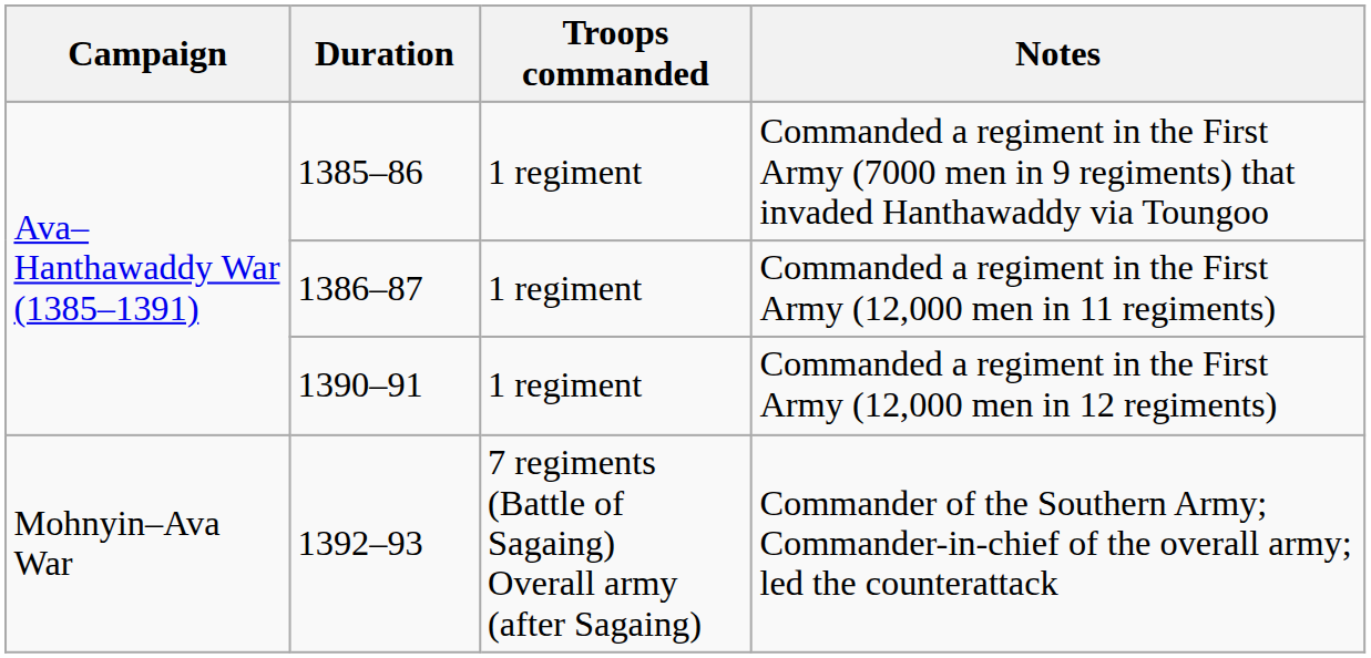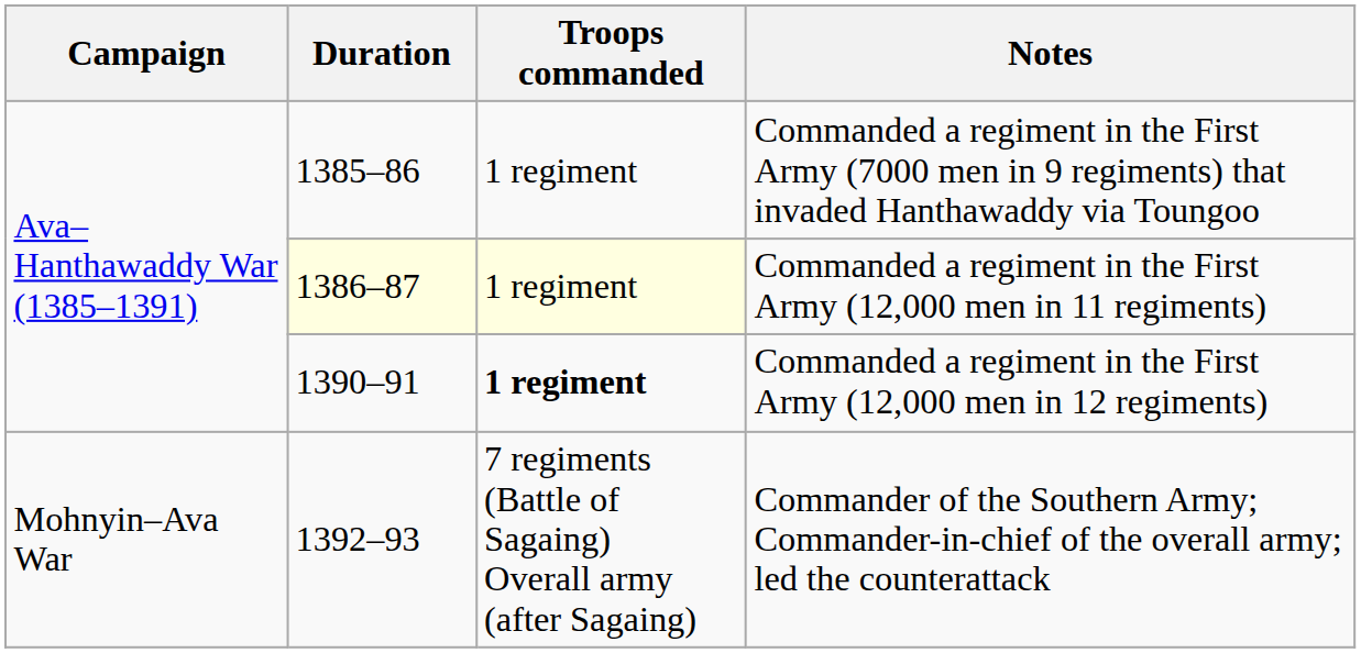 <table class="wikitable" border="1">
 <tr>
 <th width=10%>Campaign</th>
 <th width=5%>Duration</th>
 <th width=10%>Troops commanded</th>
 <th width=30%>Notes</th>
 </tr>
 <tr>
 <td rowspan=3><a href='#'>Ava–Hanthawaddy War (1385–1391)</a></td>
 <td>1385–86</td>
 <td>1 regiment</td>
 <td>Commanded a regiment in the First Army (7000 men in 9 regiments) that invaded Hanthawaddy via Toungoo</td>
 </tr>
 <tr>
-<td>1386–87</td>
-<td>1 regiment</td>
+<td style="background: lightyellow;">1386–87</td>
+<td style="background: lightyellow;">1 regiment</td>
 <td>Commanded a regiment in the First Army (12,000 men in 11 regiments)</td>
 </tr>
 <tr>
 <td>1390–91</td>
-<td>1 regiment</td>
+<td><strong>1 regiment</strong></td>
 <td>Commanded a regiment in the First Army (12,000 men in 12 regiments)</td>
 </tr>
 <tr>
 <td>Mohnyin–Ava War</td>
 <td>1392–93</td>
 <td>7 regiments (Battle of Sagaing) <br> Overall army (after Sagaing)</td>
 <td>Commander of the Southern Army; Commander-in-chief of the overall army; led the counterattack</td>
 </tr>
 </table>
